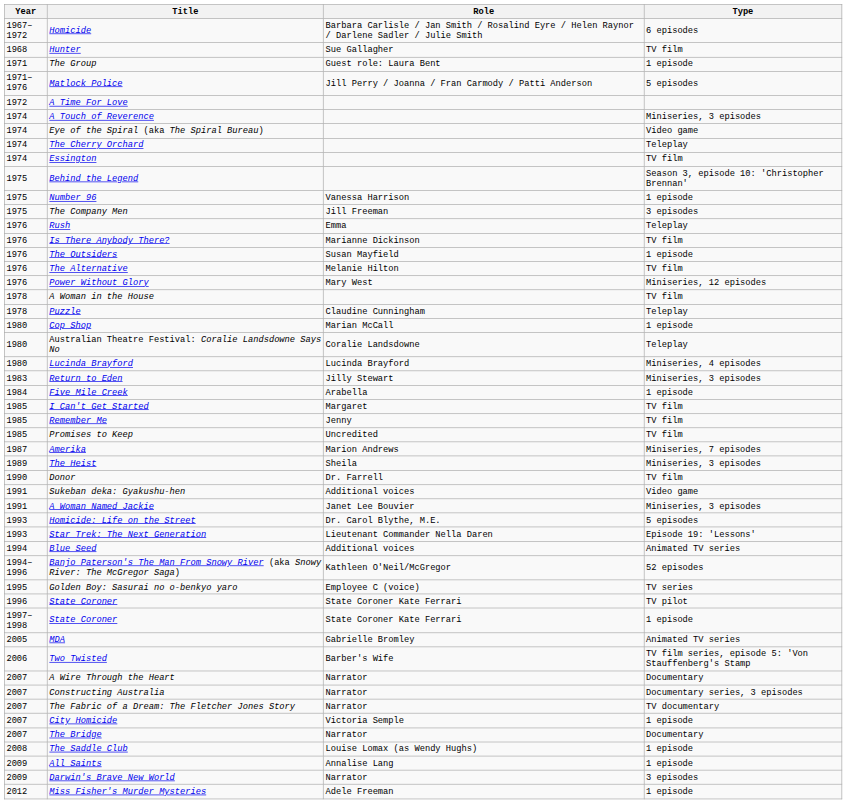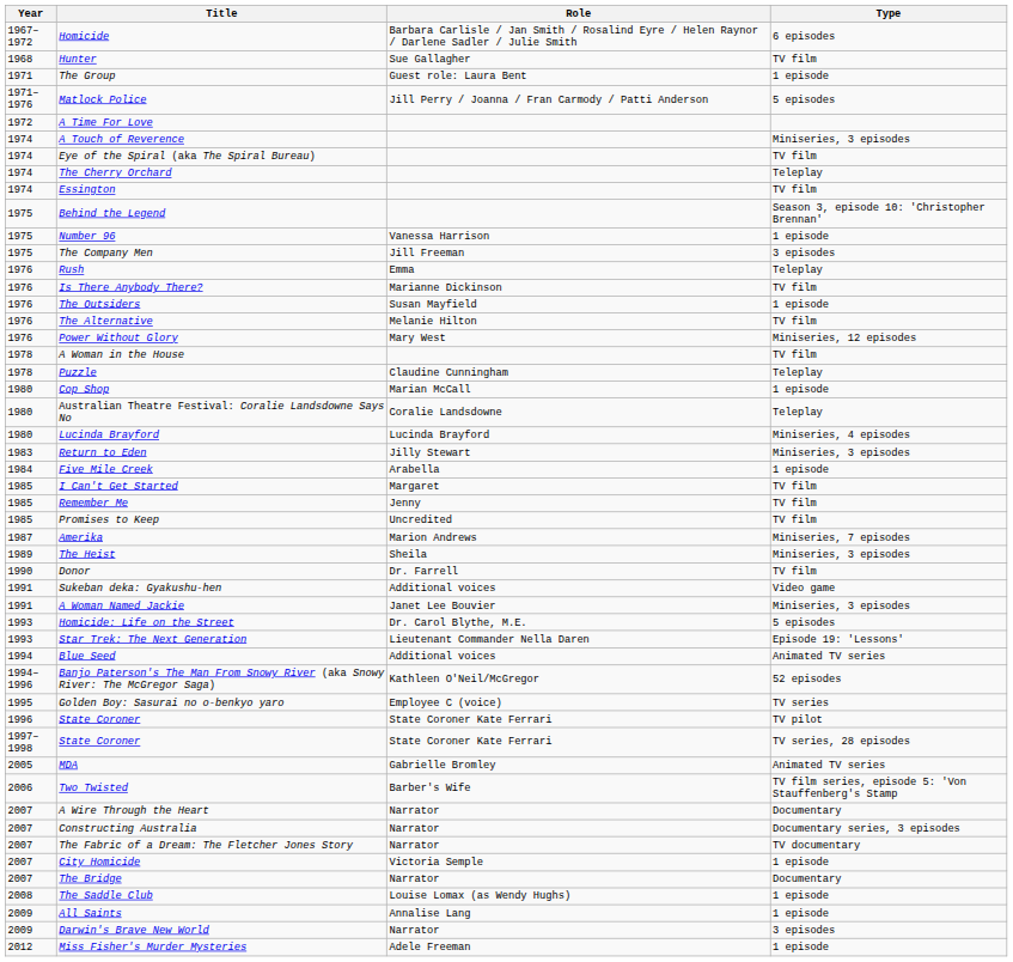 <table class="wikitable">
 <tr>
 <th>Year</th>
 <th>Title</th>
 <th>Role</th>
 <th>Type</th>
 </tr>
 <tr>
 <td>1967–1972</td>
 <td><em><a href='#'>Homicide</a></em></td>
 <td>Barbara Carlisle / Jan Smith / Rosalind Eyre / Helen Raynor / Darlene Sadler / Julie Smith</td>
 <td>6 episodes</td>
 </tr>
 <tr>
 <td>1968</td>
 <td><em><a href='#'>Hunter</a></em></td>
 <td>Sue Gallagher</td>
 <td>TV film</td>
 </tr>
 <tr>
 <td>1971</td>
 <td><em>The Group</em></td>
 <td>Guest role: Laura Bent</td>
 <td>1 episode</td>
 </tr>
 <tr>
 <td>1971–1976</td>
 <td><em><a href='#'>Matlock Police</a></em></td>
 <td>Jill Perry / Joanna / Fran Carmody / Patti Anderson</td>
 <td>5 episodes</td>
 </tr>
 <tr>
 <td>1972</td>
 <td><em><a href='#'>A Time For Love</a></em></td>
 <td></td>
 <td></td>
 </tr>
 <tr>
 <td>1974</td>
 <td><em><a href='#'>A Touch of Reverence</a></em></td>
 <td></td>
 <td>Miniseries, 3 episodes</td>
 </tr>
 <tr>
 <td>1974</td>
 <td><em>Eye of the Spiral</em> (aka <em>The Spiral Bureau</em>)</td>
 <td></td>
-<td>Video game</td>
+<td>TV film</td>
 </tr>
 <tr>
 <td>1974</td>
 <td><em><a href='#'>The Cherry Orchard</a></em></td>
 <td></td>
 <td>Teleplay</td>
 </tr>
 <tr>
 <td>1974</td>
 <td><em><a href='#'>Essington</a></em></td>
 <td></td>
 <td>TV film</td>
 </tr>
 <tr>
 <td>1975</td>
 <td><em><a href='#'>Behind the Legend</a></em></td>
 <td></td>
 <td>Season 3, episode 10: 'Christopher Brennan'</td>
 </tr>
 <tr>
 <td>1975</td>
 <td><em><a href='#'>Number 96</a></em></td>
 <td>Vanessa Harrison</td>
 <td>1 episode</td>
 </tr>
 <tr>
 <td>1975</td>
 <td><em>The Company Men</em></td>
 <td>Jill Freeman</td>
 <td>3 episodes</td>
 </tr>
 <tr>
 <td>1976</td>
 <td><em><a href='#'>Rush</a></em></td>
 <td>Emma</td>
 <td>Teleplay</td>
 </tr>
 <tr>
 <td>1976</td>
 <td><em><a href='#'>Is There Anybody There?</a></em></td>
 <td>Marianne Dickinson</td>
 <td>TV film</td>
 </tr>
 <tr>
 <td>1976</td>
 <td><em><a href='#'>The Outsiders</a></em></td>
 <td>Susan Mayfield</td>
 <td>1 episode</td>
 </tr>
 <tr>
 <td>1976</td>
 <td><em><a href='#'>The Alternative</a></em></td>
 <td>Melanie Hilton</td>
 <td>TV film</td>
 </tr>
 <tr>
 <td>1976</td>
 <td><em><a href='#'>Power Without Glory</a></em></td>
 <td>Mary West</td>
 <td>Miniseries, 12 episodes</td>
 </tr>
 <tr>
 <td>1978</td>
 <td><em>A Woman in the House</em></td>
 <td></td>
 <td>TV film</td>
 </tr>
 <tr>
 <td>1978</td>
 <td><em><a href='#'>Puzzle</a></em></td>
 <td>Claudine Cunningham</td>
 <td>Teleplay</td>
 </tr>
 <tr>
 <td>1980</td>
 <td><em><a href='#'>Cop Shop</a></em></td>
 <td>Marian McCall</td>
 <td>1 episode</td>
 </tr>
 <tr>
 <td>1980</td>
 <td>Australian Theatre Festival: <em>Coralie Landsdowne Says No</em></td>
 <td>Coralie Landsdowne</td>
 <td>Teleplay</td>
 </tr>
 <tr>
 <td>1980</td>
 <td><em><a href='#'>Lucinda Brayford</a></em></td>
 <td>Lucinda Brayford</td>
 <td>Miniseries, 4 episodes</td>
 </tr>
 <tr>
 <td>1983</td>
 <td><em><a href='#'>Return to Eden</a></em></td>
 <td>Jilly Stewart</td>
 <td>Miniseries, 3 episodes</td>
 </tr>
 <tr>
 <td>1984</td>
 <td><em><a href='#'>Five Mile Creek</a></em></td>
 <td>Arabella</td>
 <td>1 episode</td>
 </tr>
 <tr>
 <td>1985</td>
 <td><em><a href='#'>I Can't Get Started</a></em></td>
 <td>Margaret</td>
 <td>TV film</td>
 </tr>
 <tr>
 <td>1985</td>
 <td><em><a href='#'>Remember Me</a></em></td>
 <td>Jenny</td>
 <td>TV film</td>
 </tr>
 <tr>
 <td>1985</td>
 <td><em>Promises to Keep</em></td>
 <td>Uncredited</td>
 <td>TV film</td>
 </tr>
 <tr>
 <td>1987</td>
 <td><em><a href='#'>Amerika</a></em></td>
 <td>Marion Andrews</td>
 <td>Miniseries, 7 episodes</td>
 </tr>
 <tr>
 <td>1989</td>
 <td><em><a href='#'>The Heist</a></em></td>
 <td>Sheila</td>
 <td>Miniseries, 3 episodes</td>
 </tr>
 <tr>
 <td>1990</td>
 <td><em>Donor</em></td>
 <td>Dr. Farrell</td>
 <td>TV film</td>
 </tr>
 <tr>
 <td>1991</td>
 <td><em>Sukeban deka: Gyakushu-hen</em></td>
 <td>Additional voices</td>
 <td>Video game</td>
 </tr>
 <tr>
 <td>1991</td>
 <td><em><a href='#'>A Woman Named Jackie</a></em></td>
 <td>Janet Lee Bouvier</td>
 <td>Miniseries, 3 episodes</td>
 </tr>
 <tr>
 <td>1993</td>
 <td><em><a href='#'>Homicide: Life on the Street</a></em></td>
 <td>Dr. Carol Blythe, M.E.</td>
 <td>5 episodes</td>
 </tr>
 <tr>
 <td>1993</td>
 <td><em><a href='#'>Star Trek: The Next Generation</a></em></td>
 <td>Lieutenant Commander Nella Daren</td>
 <td>Episode 19: 'Lessons'</td>
 </tr>
 <tr>
 <td>1994</td>
 <td><em><a href='#'>Blue Seed</a></em></td>
 <td>Additional voices</td>
 <td>Animated TV series</td>
 </tr>
 <tr>
 <td>1994–1996</td>
 <td><em><a href='#'>Banjo Paterson's The Man From Snowy River</a></em> (aka <em>Snowy River: The McGregor Saga</em>)</td>
 <td>Kathleen O'Neil/McGregor</td>
 <td>52 episodes</td>
 </tr>
 <tr>
 <td>1995</td>
 <td><em>Golden Boy: Sasurai no o-benkyo yaro</em></td>
 <td>Employee C (voice)</td>
 <td>TV series</td>
 </tr>
 <tr>
 <td>1996</td>
 <td><em><a href='#'>State Coroner</a></em></td>
 <td>State Coroner Kate Ferrari</td>
 <td>TV pilot</td>
 </tr>
 <tr>
 <td>1997–1998</td>
 <td><em><a href='#'>State Coroner</a></em></td>
 <td>State Coroner Kate Ferrari</td>
-<td>1 episode</td>
+<td>TV series, 28 episodes</td>
 </tr>
 <tr>
 <td>2005</td>
 <td><em><a href='#'>MDA</a></em></td>
 <td>Gabrielle Bromley</td>
 <td>Animated TV series</td>
 </tr>
 <tr>
 <td>2006</td>
 <td><em><a href='#'>Two Twisted</a></em></td>
 <td>Barber's Wife</td>
 <td>TV film series, episode 5: 'Von Stauffenberg's Stamp</td>
 </tr>
 <tr>
 <td>2007</td>
 <td><em>A Wire Through the Heart</em></td>
 <td>Narrator</td>
 <td>Documentary</td>
 </tr>
 <tr>
 <td>2007</td>
 <td><em>Constructing Australia</em></td>
 <td>Narrator</td>
 <td>Documentary series, 3 episodes</td>
 </tr>
 <tr>
 <td>2007</td>
 <td><em>The Fabric of a Dream: The Fletcher Jones Story</em></td>
 <td>Narrator</td>
 <td>TV documentary</td>
 </tr>
 <tr>
 <td>2007</td>
 <td><em><a href='#'>City Homicide</a></em></td>
 <td>Victoria Semple</td>
 <td>1 episode</td>
 </tr>
 <tr>
 <td>2007</td>
 <td><em><a href='#'>The Bridge</a></em></td>
 <td>Narrator</td>
 <td>Documentary</td>
 </tr>
 <tr>
 <td>2008</td>
 <td><em><a href='#'>The Saddle Club</a></em></td>
 <td>Louise Lomax (as Wendy Hughs)</td>
 <td>1 episode</td>
 </tr>
 <tr>
 <td>2009</td>
 <td><em><a href='#'>All Saints</a></em></td>
 <td>Annalise Lang</td>
 <td>1 episode</td>
 </tr>
 <tr>
 <td>2009</td>
 <td><em><a href='#'>Darwin's Brave New World</a></em></td>
 <td>Narrator</td>
 <td>3 episodes</td>
 </tr>
 <tr>
 <td>2012</td>
 <td><em><a href='#'>Miss Fisher's Murder Mysteries</a></em></td>
 <td>Adele Freeman</td>
 <td>1 episode</td>
 </tr>
 </table>
